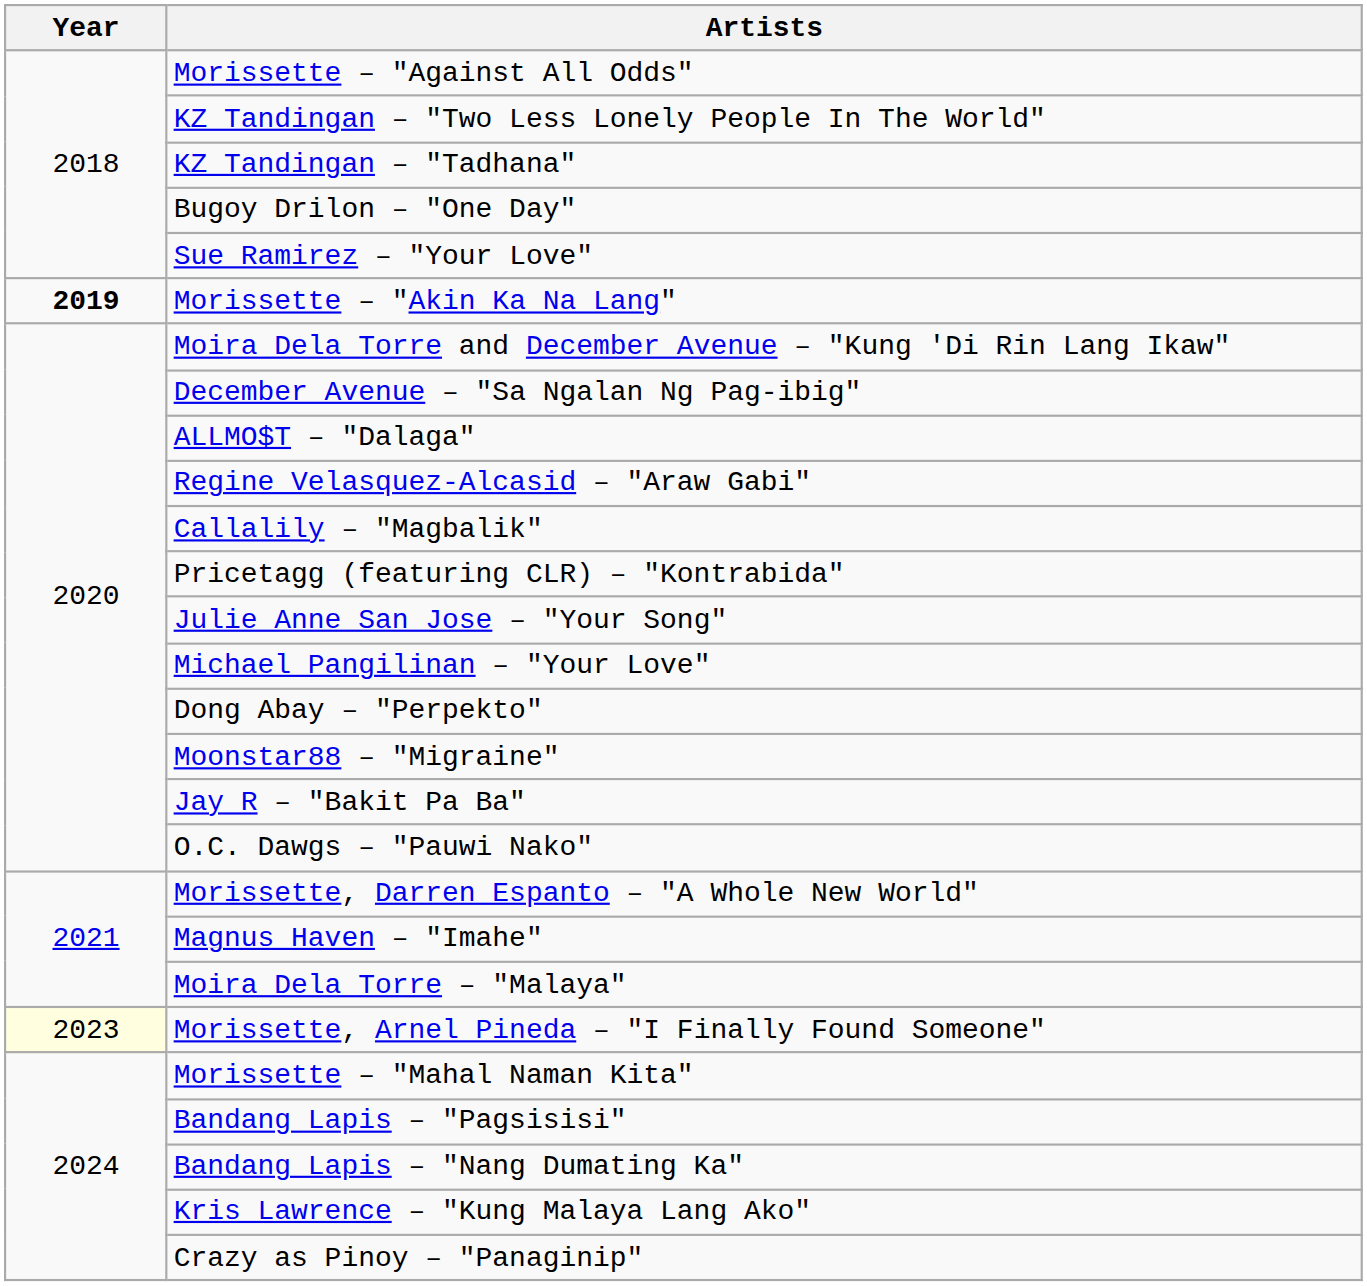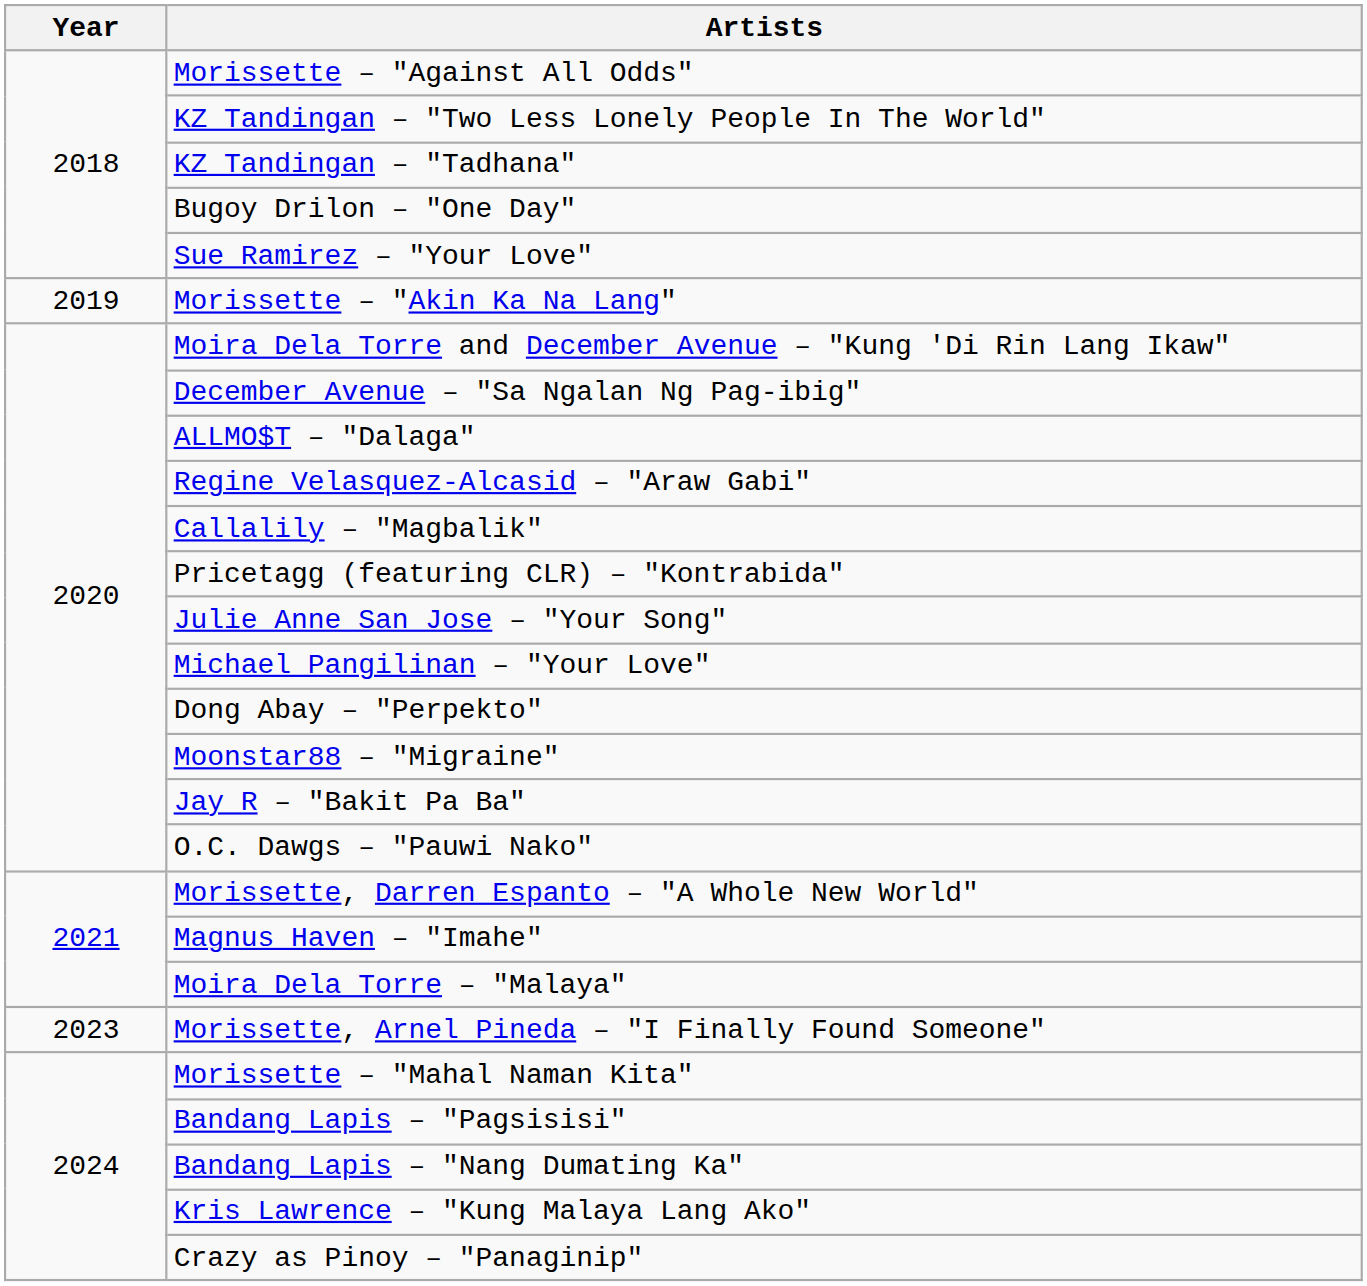 <table class="wikitable sortable"  style="width:50%;">
 <tr>
 <th width=5%  scope="col">Year</th>
 <th ! width=40%  scope="col">Artists</th>
 </tr>
 <tr>
 <td rowspan=5 align="center">2018</td>
 <td><a href='#'>Morissette</a> – "Against All Odds"</td>
 </tr>
 <tr>
 <td><a href='#'>KZ Tandingan</a> – "Two Less Lonely People In The World"</td>
 </tr>
 <tr>
 <td><a href='#'>KZ Tandingan</a> – "Tadhana"</td>
 </tr>
 <tr>
 <td>Bugoy Drilon – "One Day"</td>
 </tr>
 <tr>
 <td><a href='#'>Sue Ramirez</a> – "Your Love"</td>
 </tr>
 <tr>
-<td align="center"><strong>2019</strong></td>
+<td align="center">2019</td>
 <td><a href='#'>Morissette</a> –  "<a href='#'>Akin Ka Na Lang</a>"</td>
 </tr>
 <tr>
 <td rowspan=12 align="center">2020</td>
 <td><a href='#'>Moira Dela Torre</a> and <a href='#'>December Avenue</a> – "Kung 'Di Rin Lang Ikaw"</td>
 </tr>
 <tr>
 <td><a href='#'>December Avenue</a> – "Sa Ngalan Ng Pag-ibig"</td>
 </tr>
 <tr>
 <td><a href='#'>ALLMO$T</a> – "Dalaga"</td>
 </tr>
 <tr>
 <td><a href='#'>Regine Velasquez-Alcasid</a> – "Araw Gabi"</td>
 </tr>
 <tr>
 <td><a href='#'>Callalily</a> – "Magbalik"</td>
 </tr>
 <tr>
 <td>Pricetagg (featuring CLR) – "Kontrabida"</td>
 </tr>
 <tr>
 <td><a href='#'>Julie Anne San Jose</a> – "Your Song"</td>
 </tr>
 <tr>
 <td><a href='#'>Michael Pangilinan</a> – "Your Love"</td>
 </tr>
 <tr>
 <td>Dong Abay – "Perpekto"</td>
 </tr>
 <tr>
 <td><a href='#'>Moonstar88</a> – "Migraine"</td>
 </tr>
 <tr>
 <td><a href='#'>Jay R</a> – "Bakit Pa Ba"</td>
 </tr>
 <tr>
 <td>O.C. Dawgs – "Pauwi Nako"</td>
 </tr>
 <tr>
 <td rowspan=3 align="center"><a href='#'>2021</a></td>
 <td><a href='#'>Morissette</a>, <a href='#'>Darren Espanto</a> – "A Whole New World"</td>
 </tr>
 <tr>
 <td><a href='#'>Magnus Haven</a> – "Imahe"</td>
 </tr>
 <tr>
 <td><a href='#'>Moira Dela Torre</a> – "Malaya"</td>
 </tr>
 <tr>
-<td align="center" style="background: lightyellow;">2023</td>
+<td align="center">2023</td>
 <td><a href='#'>Morissette</a>, <a href='#'>Arnel Pineda</a> –  "I Finally Found Someone"</td>
 </tr>
 <tr>
 <td rowspan=5 align="center">2024</td>
 <td><a href='#'>Morissette</a> –  "Mahal Naman Kita"</td>
 </tr>
 <tr>
 <td><a href='#'>Bandang Lapis</a> –  "Pagsisisi"</td>
 </tr>
 <tr>
 <td><a href='#'>Bandang Lapis</a> –  "Nang Dumating Ka"</td>
 </tr>
 <tr>
 <td><a href='#'>Kris Lawrence</a> –  "Kung Malaya Lang Ako"</td>
 </tr>
 <tr>
 <td>Crazy as Pinoy –  "Panaginip"</td>
 </tr>
 </table>
